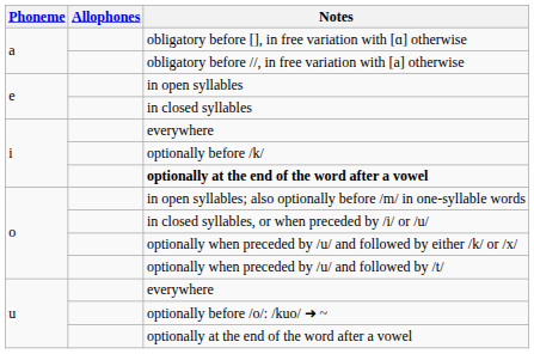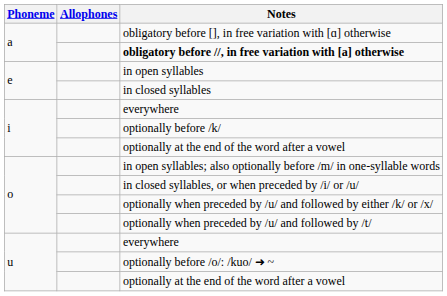 <table class="wikitable">
 <tr>
 <th><a href='#'>Phoneme</a></th>
 <th><a href='#'>Allophones</a></th>
 <th>Notes</th>
 </tr>
 <tr>
 <td rowspan="2">a</td>
 <td></td>
 <td>obligatory before [], in free variation with [ɑ] otherwise</td>
 </tr>
 <tr>
 <td></td>
-<td>obligatory before //, in free variation with [a] otherwise</td>
+<td><strong>obligatory before //, in free variation with [a] otherwise</strong></td>
 </tr>
 <tr>
 <td rowspan="2">e</td>
 <td></td>
 <td>in open syllables</td>
 </tr>
 <tr>
 <td></td>
 <td>in closed syllables</td>
 </tr>
 <tr>
 <td rowspan="3">i</td>
 <td></td>
 <td>everywhere</td>
 </tr>
 <tr>
 <td></td>
 <td>optionally before /k/</td>
 </tr>
 <tr>
 <td></td>
-<td><strong>optionally at the end of the word after a vowel</strong></td>
+<td>optionally at the end of the word after a vowel</td>
 </tr>
 <tr>
 <td rowspan="4">o</td>
 <td></td>
 <td>in open syllables; also optionally before /m/ in one-syllable words</td>
 </tr>
 <tr>
 <td></td>
 <td>in closed syllables, or when preceded by /i/ or /u/</td>
 </tr>
 <tr>
 <td></td>
 <td>optionally when preceded by /u/ and followed by either /k/ or /x/</td>
 </tr>
 <tr>
 <td></td>
 <td>optionally when preceded by /u/ and followed by /t/</td>
 </tr>
 <tr>
 <td rowspan="3">u</td>
 <td></td>
 <td>everywhere</td>
 </tr>
 <tr>
 <td></td>
 <td>optionally before /o/: /kuo/ ➜  ~ </td>
 </tr>
 <tr>
 <td></td>
 <td>optionally at the end of the word after a vowel</td>
 </tr>
 </table>
